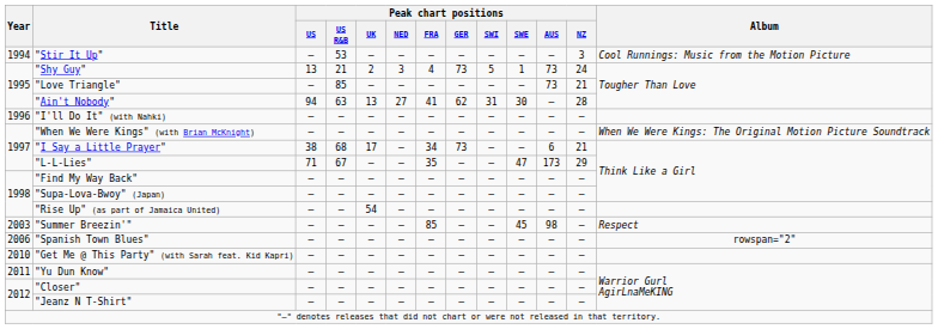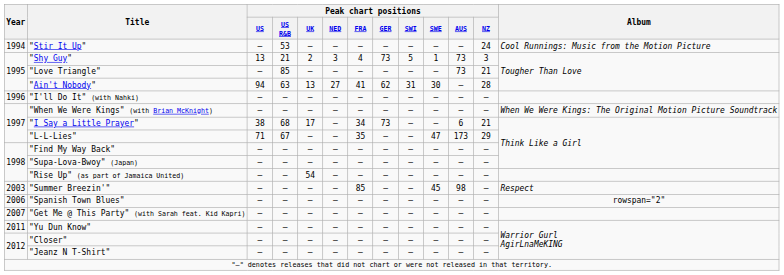 <table class="wikitable" style="text-align:center">
 <tr>
 <th rowspan=2>Year</th>
 <th rowspan=2>Title</th>
 <th colspan=10>Peak chart positions</th>
 <th rowspan=2>Album</th>
 </tr>
 <tr>
 <th width="35"><small><a href='#'>US</a></small><br></th>
 <th width="35"><small><a href='#'>US R&B</a></small><br></th>
 <th width="35"><small><a href='#'>UK</a></small><br></th>
 <th width="35"><small><a href='#'>NED</a></small><br></th>
 <th width="35"><small><a href='#'>FRA</a></small><br></th>
 <th width="35"><small><a href='#'>GER</a></small><br></th>
 <th width="35"><small><a href='#'>SWI</a></small><br></th>
 <th width="35"><small><a href='#'>SWE</a></small><br></th>
 <th width="35"><small><a href='#'>AUS</a></small><br></th>
 <th width="35"><small><a href='#'>NZ</a></small><br></th>
 </tr>
 <tr>
 <td>1994</td>
 <td align=left>"<a href='#'>Stir It Up</a>"</td>
 <td>—</td>
 <td>53</td>
 <td>—</td>
 <td>—</td>
 <td>—</td>
 <td>—</td>
 <td>—</td>
 <td>—</td>
 <td>—</td>
-<td>3</td>
+<td>24</td>
 <td align="left"><em>Cool Runnings: Music from the Motion Picture</em></td>
 </tr>
 <tr>
 <td rowspan="3">1995</td>
 <td align=left>"<a href='#'>Shy Guy</a>"</td>
 <td>13</td>
 <td>21</td>
 <td>2</td>
 <td>3</td>
 <td>4</td>
 <td>73</td>
 <td>5</td>
 <td>1</td>
 <td>73</td>
-<td>24</td>
+<td>3</td>
 <td align="left" rowspan="3"><em>Tougher Than Love</em></td>
 </tr>
 <tr>
 <td align=left>"Love Triangle"</td>
 <td>—</td>
 <td>85</td>
 <td>—</td>
 <td>—</td>
 <td>—</td>
 <td>—</td>
 <td>—</td>
 <td>—</td>
 <td>73</td>
 <td>21</td>
 </tr>
 <tr>
 <td align=left>"<a href='#'>Ain't Nobody</a>"</td>
 <td>94</td>
 <td>63</td>
 <td>13</td>
 <td>27</td>
 <td>41</td>
 <td>62</td>
 <td>31</td>
 <td>30</td>
 <td>—</td>
 <td>28</td>
 </tr>
 <tr>
 <td>1996</td>
 <td align=left>"I'll Do It" <small>(with Nahki)</small></td>
 <td>—</td>
 <td>—</td>
 <td>—</td>
 <td>—</td>
 <td>—</td>
 <td>—</td>
 <td>—</td>
 <td>—</td>
 <td>—</td>
 <td>—</td>
 <td></td>
 </tr>
 <tr>
 <td rowspan="3">1997</td>
 <td align=left>"When We Were Kings" <small>(with <a href='#'>Brian McKnight</a>)</small></td>
 <td>—</td>
 <td>—</td>
 <td>—</td>
 <td>—</td>
 <td>—</td>
 <td>—</td>
 <td>—</td>
 <td>—</td>
 <td>—</td>
 <td>—</td>
 <td align="left"><em>When We Were Kings: The Original Motion Picture Soundtrack</em></td>
 </tr>
 <tr>
 <td align=left>"<a href='#'>I Say a Little Prayer</a>"</td>
 <td>38</td>
 <td>68</td>
 <td>17</td>
 <td>—</td>
 <td>34</td>
 <td>73</td>
 <td>—</td>
 <td>—</td>
 <td>6</td>
 <td>21</td>
 <td align="left" rowspan="4"><em>Think Like a Girl</em></td>
 </tr>
 <tr>
 <td align=left>"L-L-Lies"</td>
 <td>71</td>
 <td>67</td>
 <td>—</td>
 <td>—</td>
 <td>35</td>
 <td>—</td>
 <td>—</td>
 <td>47</td>
 <td>173</td>
 <td>29</td>
 </tr>
 <tr>
 <td rowspan="3">1998</td>
 <td align=left>"Find My Way Back"</td>
 <td>—</td>
 <td>—</td>
 <td>—</td>
 <td>—</td>
 <td>—</td>
 <td>—</td>
 <td>—</td>
 <td>—</td>
 <td>—</td>
 <td>—</td>
 </tr>
 <tr>
 <td align=left>"Supa-Lova-Bwoy" <small>(Japan)</small></td>
 <td>—</td>
 <td>—</td>
 <td>—</td>
 <td>—</td>
 <td>—</td>
 <td>—</td>
 <td>—</td>
 <td>—</td>
 <td>—</td>
 <td>—</td>
 </tr>
 <tr>
 <td align=left>"Rise Up" <small>(as part of Jamaica United)</small></td>
 <td>—</td>
 <td>—</td>
 <td>54</td>
 <td>—</td>
 <td>—</td>
 <td>—</td>
 <td>—</td>
 <td>—</td>
 <td>—</td>
 <td>—</td>
 <td></td>
 </tr>
 <tr>
 <td>2003</td>
 <td align=left>"Summer Breezin'"</td>
 <td>—</td>
 <td>—</td>
 <td>—</td>
 <td>—</td>
 <td>85</td>
 <td>—</td>
 <td>—</td>
 <td>45</td>
 <td>98</td>
 <td>—</td>
 <td align="left"><em>Respect</em></td>
 </tr>
 <tr>
 <td>2006</td>
 <td align=left>"Spanish Town Blues"</td>
 <td>—</td>
 <td>—</td>
 <td>—</td>
 <td>—</td>
 <td>—</td>
 <td>—</td>
 <td>—</td>
 <td>—</td>
 <td>—</td>
 <td>—</td>
 <td>rowspan="2" </td>
 </tr>
 <tr>
-<td>2010</td>
+<td>2007</td>
 <td align=left>"Get Me @ This Party" <small>(with Sarah feat. Kid Kapri)</small></td>
 <td>—</td>
 <td>—</td>
 <td>—</td>
 <td>—</td>
 <td>—</td>
 <td>—</td>
 <td>—</td>
 <td>—</td>
 <td>—</td>
 <td>—</td>
 </tr>
 <tr>
 <td>2011</td>
 <td align=left>"Yu Dun Know"</td>
 <td>—</td>
 <td>—</td>
 <td>—</td>
 <td>—</td>
 <td>—</td>
 <td>—</td>
 <td>—</td>
 <td>—</td>
 <td>—</td>
 <td>—</td>
 <td align="left" rowspan="3"><em>Warrior Gurl</em><br><em>AgirLnaMeKING</em></td>
 </tr>
 <tr>
 <td rowspan="2">2012</td>
 <td align=left>"Closer"</td>
 <td>—</td>
 <td>—</td>
 <td>—</td>
 <td>—</td>
 <td>—</td>
 <td>—</td>
 <td>—</td>
 <td>—</td>
 <td>—</td>
 <td>—</td>
 </tr>
 <tr>
 <td align=left>"Jeanz N T-Shirt"</td>
 <td>—</td>
 <td>—</td>
 <td>—</td>
 <td>—</td>
 <td>—</td>
 <td>—</td>
 <td>—</td>
 <td>—</td>
 <td>—</td>
 <td>—</td>
 </tr>
 <tr>
 <td align="center" colspan="20" style="font-size:85%">"—" denotes releases that did not chart or were not released in that territory.</td>
 </tr>
 </table>
